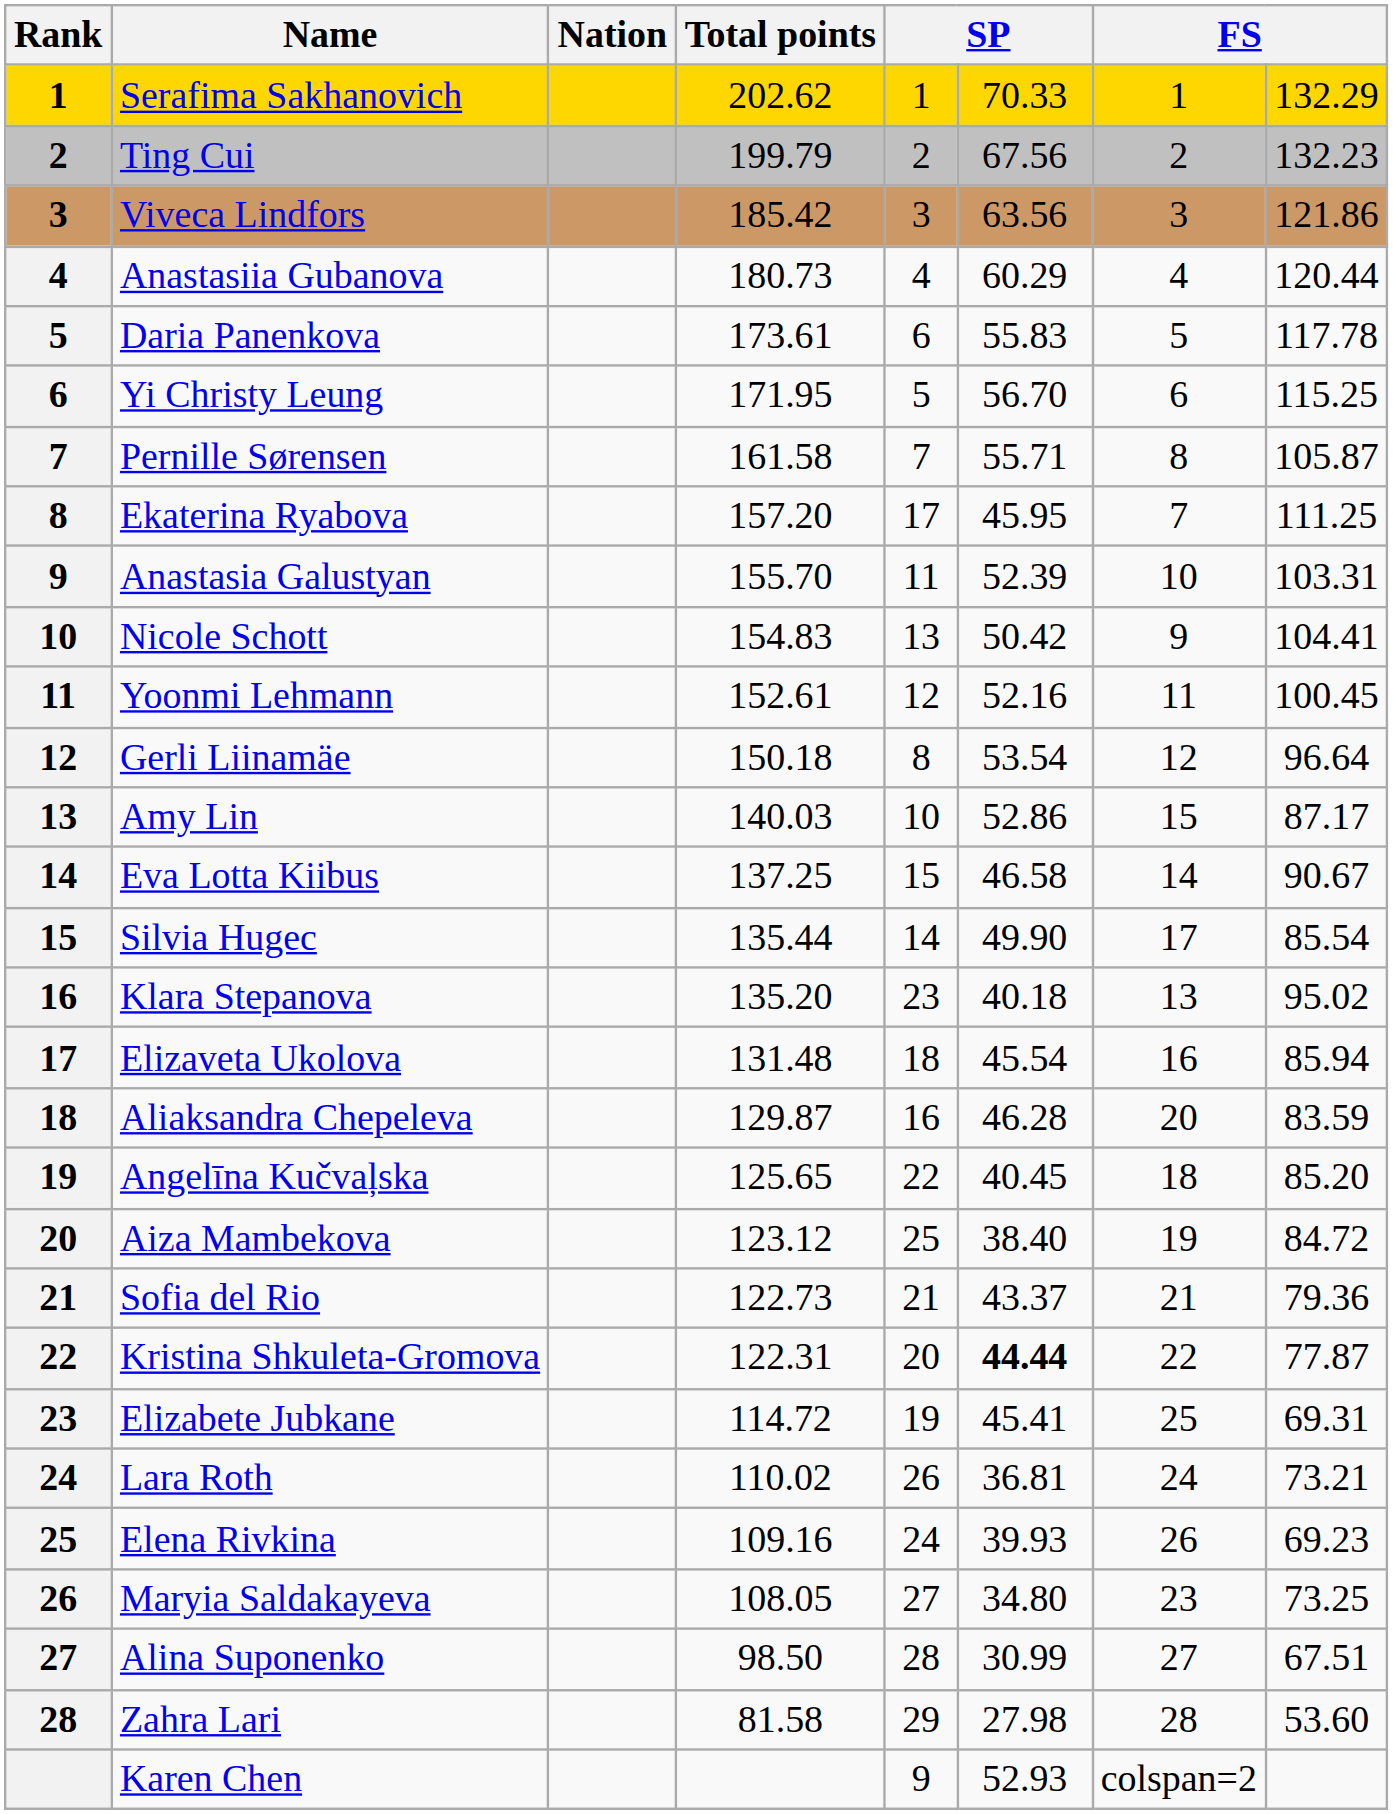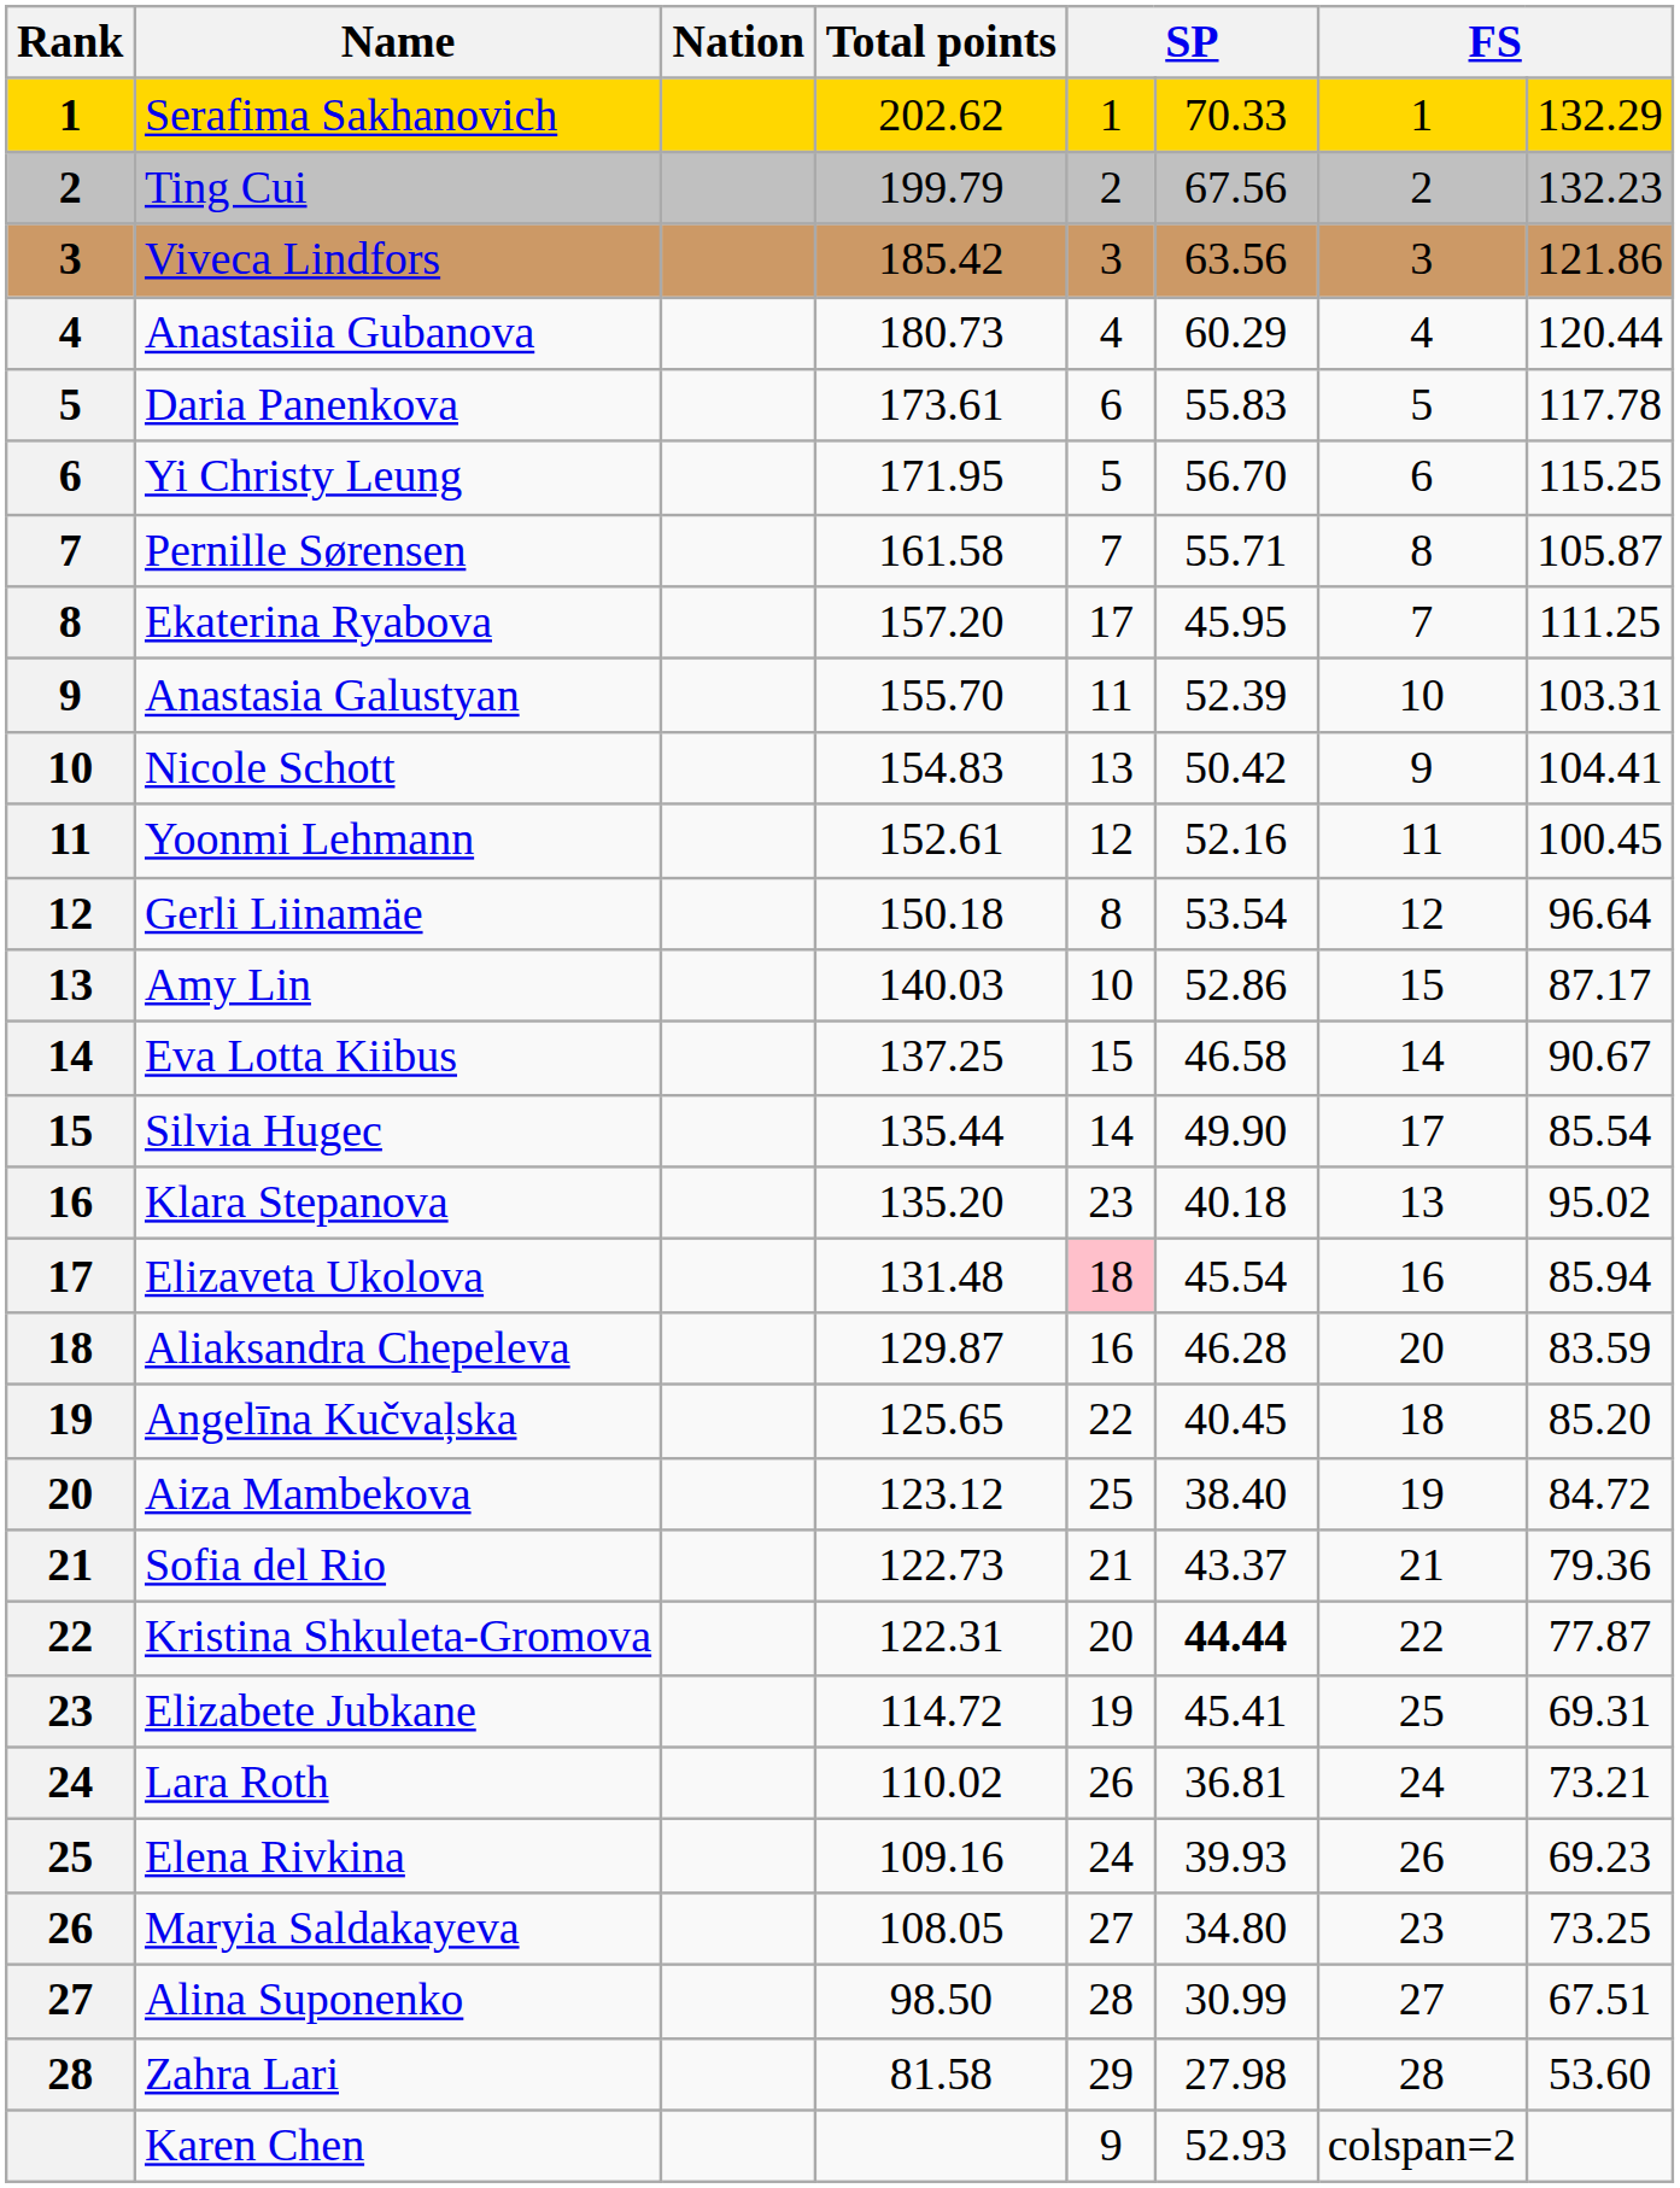 <table class="wikitable sortable">
 <tr>
 <th>Rank</th>
 <th>Name</th>
 <th>Nation</th>
 <th>Total points</th>
 <th colspan="2" width="80px"><a href='#'>SP</a></th>
 <th colspan="2" width="80px"><a href='#'>FS</a></th>
 </tr>
 <tr bgcolor="gold">
 <td align="center"><strong>1</strong></td>
 <td><a href='#'>Serafima Sakhanovich</a></td>
 <td></td>
 <td align="center">202.62</td>
 <td align="center">1</td>
 <td align="center">70.33</td>
 <td align="center">1</td>
 <td align="center">132.29</td>
 </tr>
 <tr bgcolor="silver">
 <td align="center"><strong>2</strong></td>
 <td><a href='#'>Ting Cui</a></td>
 <td></td>
 <td align="center">199.79</td>
 <td align="center">2</td>
 <td align="center">67.56</td>
 <td align="center">2</td>
 <td align="center">132.23</td>
 </tr>
 <tr bgcolor="cc9966">
 <td align="center"><strong>3</strong></td>
 <td><a href='#'>Viveca Lindfors</a></td>
 <td></td>
 <td align="center">185.42</td>
 <td align="center">3</td>
 <td align="center">63.56</td>
 <td align="center">3</td>
 <td align="center">121.86</td>
 </tr>
 <tr>
 <th>4</th>
 <td><a href='#'>Anastasiia Gubanova</a></td>
 <td></td>
 <td align="center">180.73</td>
 <td align="center">4</td>
 <td align="center">60.29</td>
 <td align="center">4</td>
 <td align="center">120.44</td>
 </tr>
 <tr>
 <th>5</th>
 <td><a href='#'>Daria Panenkova</a></td>
 <td></td>
 <td align="center">173.61</td>
 <td align="center">6</td>
 <td align="center">55.83</td>
 <td align="center">5</td>
 <td align="center">117.78</td>
 </tr>
 <tr>
 <th>6</th>
 <td><a href='#'>Yi Christy Leung</a></td>
 <td></td>
 <td align="center">171.95</td>
 <td align="center">5</td>
 <td align="center">56.70</td>
 <td align="center">6</td>
 <td align="center">115.25</td>
 </tr>
 <tr>
 <th>7</th>
 <td><a href='#'>Pernille Sørensen</a></td>
 <td></td>
 <td align="center">161.58</td>
 <td align="center">7</td>
 <td align="center">55.71</td>
 <td align="center">8</td>
 <td align="center">105.87</td>
 </tr>
 <tr>
 <th>8</th>
 <td><a href='#'>Ekaterina Ryabova</a></td>
 <td></td>
 <td align="center">157.20</td>
 <td align="center">17</td>
 <td align="center">45.95</td>
 <td align="center">7</td>
 <td align="center">111.25</td>
 </tr>
 <tr>
 <th>9</th>
 <td><a href='#'>Anastasia Galustyan</a></td>
 <td></td>
 <td align="center">155.70</td>
 <td align="center">11</td>
 <td align="center">52.39</td>
 <td align="center">10</td>
 <td align="center">103.31</td>
 </tr>
 <tr>
 <th>10</th>
 <td><a href='#'>Nicole Schott</a></td>
 <td></td>
 <td align="center">154.83</td>
 <td align="center">13</td>
 <td align="center">50.42</td>
 <td align="center">9</td>
 <td align="center">104.41</td>
 </tr>
 <tr>
 <th>11</th>
 <td><a href='#'>Yoonmi Lehmann</a></td>
 <td></td>
 <td align="center">152.61</td>
 <td align="center">12</td>
 <td align="center">52.16</td>
 <td align="center">11</td>
 <td align="center">100.45</td>
 </tr>
 <tr>
 <th>12</th>
 <td><a href='#'>Gerli Liinamäe</a></td>
 <td></td>
 <td align="center">150.18</td>
 <td align="center">8</td>
 <td align="center">53.54</td>
 <td align="center">12</td>
 <td align="center">96.64</td>
 </tr>
 <tr>
 <th>13</th>
 <td><a href='#'>Amy Lin</a></td>
 <td></td>
 <td align="center">140.03</td>
 <td align="center">10</td>
 <td align="center">52.86</td>
 <td align="center">15</td>
 <td align="center">87.17</td>
 </tr>
 <tr>
 <th>14</th>
 <td><a href='#'>Eva Lotta Kiibus</a></td>
 <td></td>
 <td align="center">137.25</td>
 <td align="center">15</td>
 <td align="center">46.58</td>
 <td align="center">14</td>
 <td align="center">90.67</td>
 </tr>
 <tr>
 <th>15</th>
 <td><a href='#'>Silvia Hugec</a></td>
 <td></td>
 <td align="center">135.44</td>
 <td align="center">14</td>
 <td align="center">49.90</td>
 <td align="center">17</td>
 <td align="center">85.54</td>
 </tr>
 <tr>
 <th>16</th>
 <td><a href='#'>Klara Stepanova</a></td>
 <td></td>
 <td align="center">135.20</td>
 <td align="center">23</td>
 <td align="center">40.18</td>
 <td align="center">13</td>
 <td align="center">95.02</td>
 </tr>
 <tr>
 <th>17</th>
 <td><a href='#'>Elizaveta Ukolova</a></td>
 <td></td>
 <td align="center">131.48</td>
-<td align="center">18</td>
+<td align="center" style="background: pink;">18</td>
 <td align="center">45.54</td>
 <td align="center">16</td>
 <td align="center">85.94</td>
 </tr>
 <tr>
 <th>18</th>
 <td><a href='#'>Aliaksandra Chepeleva</a></td>
 <td></td>
 <td align="center">129.87</td>
 <td align="center">16</td>
 <td align="center">46.28</td>
 <td align="center">20</td>
 <td align="center">83.59</td>
 </tr>
 <tr>
 <th>19</th>
 <td><a href='#'>Angelīna Kučvaļska</a></td>
 <td></td>
 <td align="center">125.65</td>
 <td align="center">22</td>
 <td align="center">40.45</td>
 <td align="center">18</td>
 <td align="center">85.20</td>
 </tr>
 <tr>
 <th>20</th>
 <td><a href='#'>Aiza Mambekova</a></td>
 <td></td>
 <td align="center">123.12</td>
 <td align="center">25</td>
 <td align="center">38.40</td>
 <td align="center">19</td>
 <td align="center">84.72</td>
 </tr>
 <tr>
 <th>21</th>
 <td><a href='#'>Sofia del Rio</a></td>
 <td></td>
 <td align="center">122.73</td>
 <td align="center">21</td>
 <td align="center">43.37</td>
 <td align="center">21</td>
 <td align="center">79.36</td>
 </tr>
 <tr>
 <th>22</th>
 <td><a href='#'>Kristina Shkuleta-Gromova</a></td>
 <td></td>
 <td align="center">122.31</td>
 <td align="center">20</td>
 <td align="center"><strong>44.44</strong></td>
 <td align="center">22</td>
 <td align="center">77.87</td>
 </tr>
 <tr>
 <th>23</th>
 <td><a href='#'>Elizabete Jubkane</a></td>
 <td></td>
 <td align="center">114.72</td>
 <td align="center">19</td>
 <td align="center">45.41</td>
 <td align="center">25</td>
 <td align="center">69.31</td>
 </tr>
 <tr>
 <th>24</th>
 <td><a href='#'>Lara Roth</a></td>
 <td></td>
 <td align="center">110.02</td>
 <td align="center">26</td>
 <td align="center">36.81</td>
 <td align="center">24</td>
 <td align="center">73.21</td>
 </tr>
 <tr>
 <th>25</th>
 <td><a href='#'>Elena Rivkina</a></td>
 <td></td>
 <td align="center">109.16</td>
 <td align="center">24</td>
 <td align="center">39.93</td>
 <td align="center">26</td>
 <td align="center">69.23</td>
 </tr>
 <tr>
 <th>26</th>
 <td><a href='#'>Maryia Saldakayeva</a></td>
 <td></td>
 <td align="center">108.05</td>
 <td align="center">27</td>
 <td align="center">34.80</td>
 <td align="center">23</td>
 <td align="center">73.25</td>
 </tr>
 <tr>
 <th>27</th>
 <td><a href='#'>Alina Suponenko</a></td>
 <td></td>
 <td align="center">98.50</td>
 <td align="center">28</td>
 <td align="center">30.99</td>
 <td align="center">27</td>
 <td align="center">67.51</td>
 </tr>
 <tr>
 <th>28</th>
 <td><a href='#'>Zahra Lari</a></td>
 <td></td>
 <td align="center">81.58</td>
 <td align="center">29</td>
 <td align="center">27.98</td>
 <td align="center">28</td>
 <td align="center">53.60</td>
 </tr>
 <tr>
 <th></th>
 <td><a href='#'>Karen Chen</a></td>
 <td></td>
 <td></td>
 <td align="center">9</td>
 <td align="center">52.93</td>
 <td>colspan=2 </td>
 </tr>
 </table>
